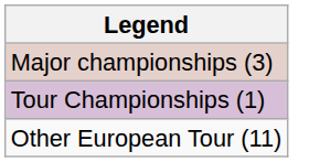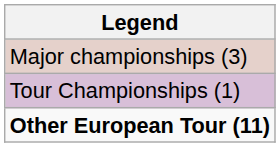 <table class="wikitable" style="font-size:95%;">
 <tr>
 <th>Legend</th>
 </tr>
 <tr style="background:#e5d1cb;">
 <td>Major championships (3)</td>
 </tr>
 <tr style="background:thistle">
 <td>Tour Championships (1)</td>
 </tr>
 <tr>
-<td>Other European Tour (11)</td>
+<td><strong>Other European Tour (11)</strong></td>
 </tr>
 </table>
